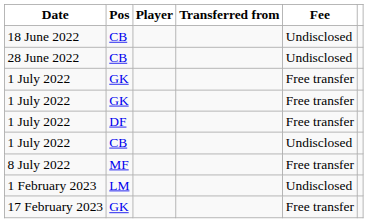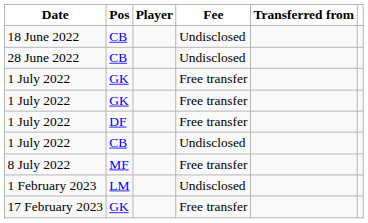 <table class="wikitable plainrowheaders sortable">
 <tr>
 <th style="background-color:#FFFFFF; color:#000000; ">Date</th>
 <th style="background-color:#FFFFFF; color:#000000; ">Pos</th>
 <th style="background-color:#FFFFFF; color:#000000; ">Player</th>
+<th style="background-color:#FFFFFF; color:#000000; ">Fee</th>
 <th style="background-color:#FFFFFF; color:#000000; ">Transferred from</th>
-<th style="background-color:#FFFFFF; color:#000000; ">Fee</th>
 <th style="background-color:#FFFFFF; color:#000000; "></th>
 </tr>
 <tr>
 <td>18 June 2022</td>
 <td><a href='#'>CB</a></td>
 <td></td>
+<td>Undisclosed</td>
 <td></td>
-<td>Undisclosed</td>
 <td></td>
 </tr>
 <tr>
 <td>28 June 2022</td>
 <td><a href='#'>CB</a></td>
 <td></td>
+<td>Undisclosed</td>
 <td></td>
-<td>Undisclosed</td>
 <td></td>
 </tr>
 <tr>
 <td>1 July 2022</td>
 <td><a href='#'>GK</a></td>
 <td></td>
+<td>Free transfer</td>
 <td></td>
-<td>Free transfer</td>
 <td></td>
 </tr>
 <tr>
 <td>1 July 2022</td>
 <td><a href='#'>GK</a></td>
 <td></td>
+<td>Free transfer</td>
 <td></td>
-<td>Free transfer</td>
 <td></td>
 </tr>
 <tr>
 <td>1 July 2022</td>
 <td><a href='#'>DF</a></td>
 <td></td>
+<td>Free transfer</td>
 <td></td>
-<td>Free transfer</td>
 <td></td>
 </tr>
 <tr>
 <td>1 July 2022</td>
 <td><a href='#'>CB</a></td>
 <td></td>
+<td>Undisclosed</td>
 <td></td>
-<td>Undisclosed</td>
 <td></td>
 </tr>
 <tr>
 <td>8 July 2022</td>
 <td><a href='#'>MF</a></td>
 <td></td>
+<td>Free transfer</td>
 <td></td>
-<td>Free transfer</td>
 <td></td>
 </tr>
 <tr>
 <td>1 February 2023</td>
 <td><a href='#'>LM</a></td>
 <td></td>
+<td>Undisclosed</td>
 <td></td>
-<td>Undisclosed</td>
 <td></td>
 </tr>
 <tr>
 <td>17 February 2023</td>
 <td><a href='#'>GK</a></td>
 <td></td>
+<td>Free transfer</td>
 <td></td>
-<td>Free transfer</td>
 <td></td>
 </tr>
 </table>
